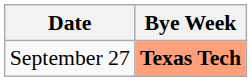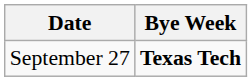 <table class="wikitable" style="font-size:95%;">
 <tr>
 <th>Date</th>
 <th colspan="1">Bye Week</th>
 </tr>
 <tr>
 <td>September 27</td>
-<td style="background: lightsalmon;"><strong>Texas Tech</strong></td>
+<td><strong>Texas Tech</strong></td>
 </tr>
 </table>
